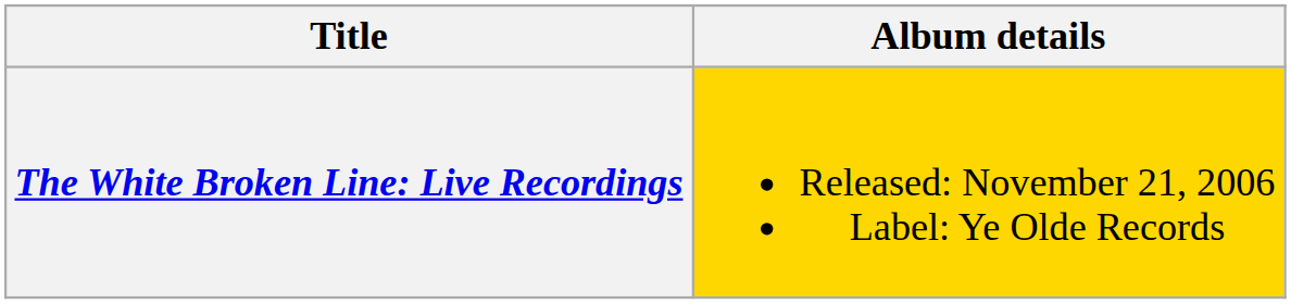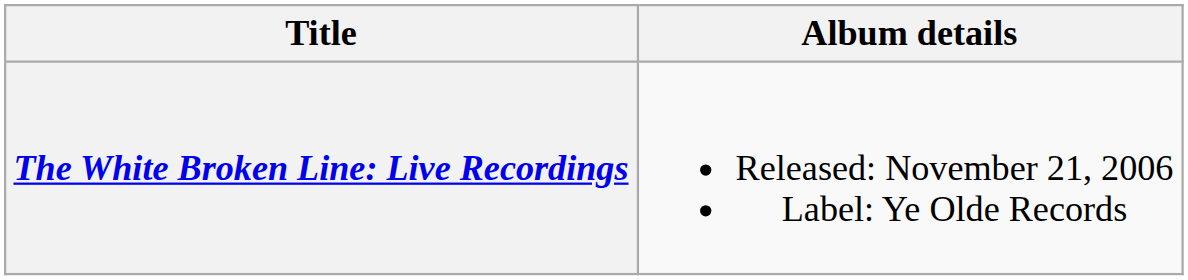 <table class="wikitable plainrowheaders" style="text-align:center;">
 <tr>
 <th scope="col">Title</th>
 <th scope="col">Album details</th>
 </tr>
 <tr>
 <th scope="row"><em><a href='#'>The White Broken Line: Live Recordings</a></em></th>
-<td style="background: gold;"><br><ul><li>Released: November 21, 2006</li><li>Label: Ye Olde Records</li></ul></td>
+<td><br><ul><li>Released: November 21, 2006</li><li>Label: Ye Olde Records</li></ul></td>
 </tr>
 </table>
